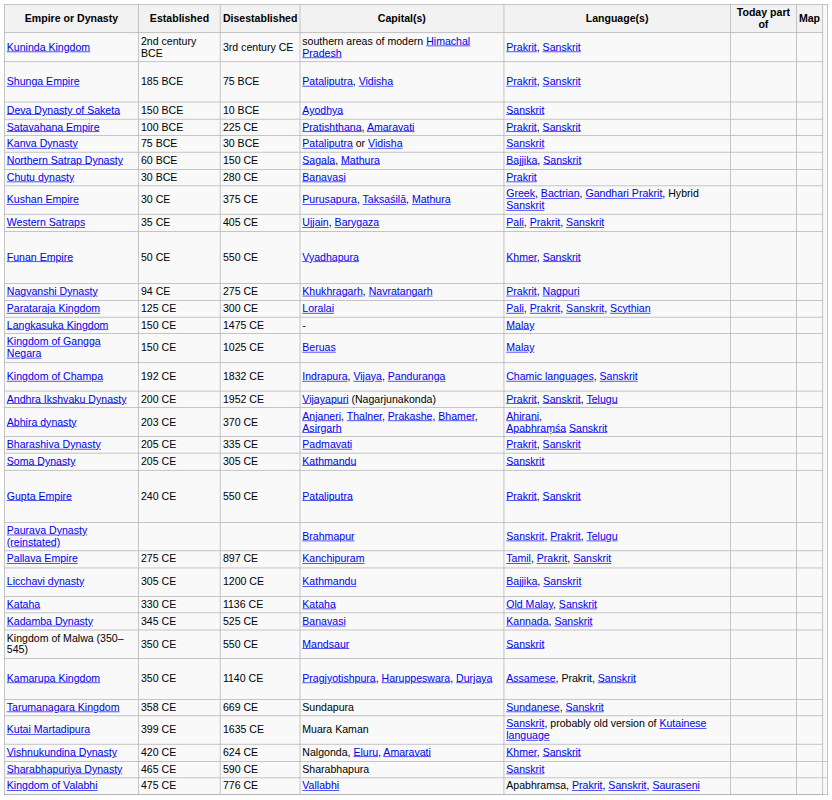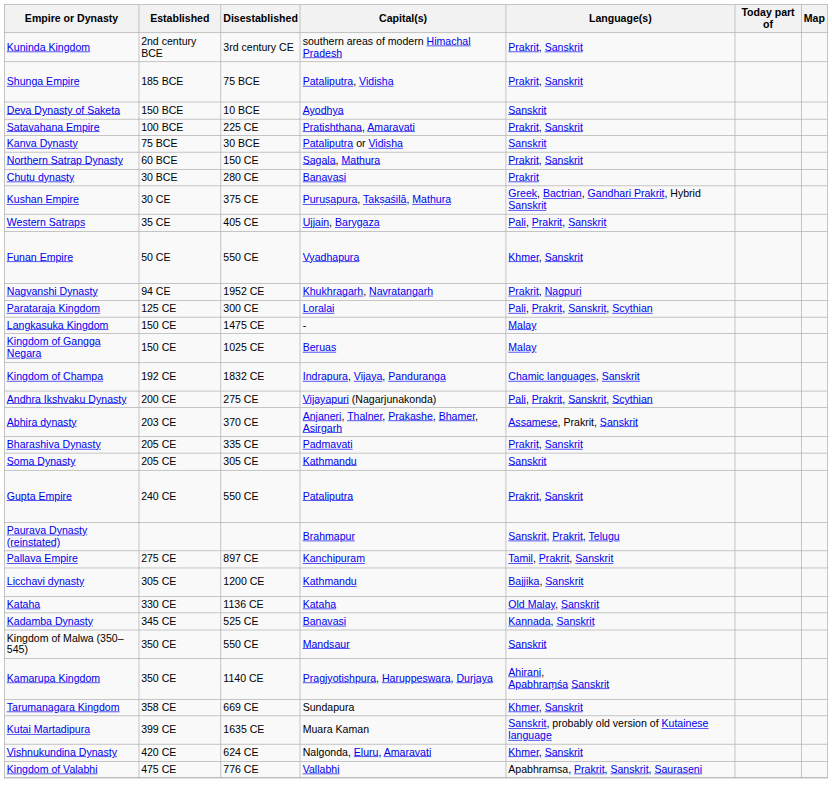 <table class="wikitable sortable static-row-numbers static-row-header-text">
 <tr>
 <th>Empire or Dynasty</th>
 <th>Established</th>
 <th>Disestablished</th>
 <th>Capital(s)</th>
 <th>Language(s)</th>
 <th>Today part of</th>
 <th>Map</th>
 </tr>
 <tr>
 <td><a href='#'>Kuninda Kingdom</a></td>
 <td>2nd century BCE</td>
 <td>3rd century CE</td>
 <td>southern areas of modern <a href='#'>Himachal Pradesh</a></td>
 <td><a href='#'>Prakrit</a>, <a href='#'>Sanskrit</a></td>
 <td></td>
 <td></td>
 </tr>
 <tr>
 <td><a href='#'>Shunga Empire</a></td>
 <td>185 BCE</td>
 <td>75 BCE</td>
 <td><a href='#'>Pataliputra</a>, <a href='#'>Vidisha</a></td>
 <td><a href='#'>Prakrit</a>, <a href='#'>Sanskrit</a></td>
 <td><br><br><br></td>
 <td></td>
 </tr>
 <tr>
 <td><a href='#'>Deva Dynasty of Saketa</a></td>
 <td>150 BCE</td>
 <td>10 BCE</td>
 <td><a href='#'>Ayodhya</a></td>
 <td><a href='#'>Sanskrit</a></td>
 <td></td>
 <td></td>
 </tr>
 <tr>
 <td><a href='#'>Satavahana Empire</a></td>
 <td>100 BCE</td>
 <td>225 CE</td>
 <td><a href='#'>Pratishthana</a>, <a href='#'>Amaravati</a></td>
 <td><a href='#'>Prakrit</a>, <a href='#'>Sanskrit</a></td>
 <td></td>
 <td></td>
 </tr>
 <tr>
 <td><a href='#'>Kanva Dynasty</a></td>
 <td>75 BCE</td>
 <td>30 BCE</td>
 <td><a href='#'>Pataliputra</a> or <a href='#'>Vidisha</a></td>
 <td><a href='#'>Sanskrit</a></td>
 <td></td>
 <td></td>
 </tr>
 <tr>
 <td><a href='#'>Northern Satrap Dynasty</a></td>
 <td>60 BCE</td>
 <td>150 CE</td>
 <td><a href='#'>Sagala</a>, <a href='#'>Mathura</a></td>
-<td><a href='#'>Bajjika</a>, <a href='#'>Sanskrit</a></td>
+<td><a href='#'>Prakrit</a>, <a href='#'>Sanskrit</a></td>
 <td><br></td>
 <td></td>
 </tr>
 <tr>
 <td><a href='#'>Chutu dynasty</a></td>
 <td>30 BCE</td>
 <td>280 CE</td>
 <td><a href='#'>Banavasi</a></td>
 <td><a href='#'>Prakrit</a></td>
 <td></td>
 <td></td>
 </tr>
 <tr>
 <td><a href='#'>Kushan Empire</a></td>
 <td>30 CE</td>
 <td>375 CE</td>
 <td><a href='#'>Puruṣapura</a>, <a href='#'>Takṣaśilā</a>, <a href='#'>Mathura</a></td>
 <td><a href='#'>Greek</a>, <a href='#'>Bactrian</a>, <a href='#'>Gandhari Prakrit</a>, Hybrid <a href='#'>Sanskrit</a></td>
 <td><br></td>
 <td></td>
 </tr>
 <tr>
 <td><a href='#'>Western Satraps</a></td>
 <td>35 CE</td>
 <td>405 CE</td>
 <td><a href='#'>Ujjain</a>, <a href='#'>Barygaza</a></td>
 <td><a href='#'>Pali</a>, <a href='#'>Prakrit</a>, <a href='#'>Sanskrit</a></td>
 <td><br></td>
 <td></td>
 </tr>
 <tr>
 <td><a href='#'>Funan Empire</a></td>
 <td>50 CE</td>
 <td>550 CE</td>
 <td><a href='#'>Vyadhapura</a></td>
 <td><a href='#'>Khmer</a>, <a href='#'>Sanskrit</a></td>
 <td><br><br><br><br></td>
 <td></td>
 </tr>
 <tr>
 <td><a href='#'>Nagvanshi Dynasty</a></td>
 <td>94 CE</td>
-<td>275 CE</td>
+<td>1952 CE</td>
 <td><a href='#'>Khukhragarh</a>, <a href='#'>Navratangarh</a></td>
 <td><a href='#'>Prakrit</a>, <a href='#'>Nagpuri</a></td>
 <td></td>
 <td></td>
 </tr>
 <tr>
 <td><a href='#'>Parataraja Kingdom</a></td>
 <td>125 CE</td>
 <td>300 CE</td>
 <td><a href='#'>Loralai</a></td>
 <td><a href='#'>Pali</a>, <a href='#'>Prakrit</a>, <a href='#'>Sanskrit</a>, <a href='#'>Scythian</a></td>
 <td><br></td>
 <td></td>
 </tr>
 <tr>
 <td><a href='#'>Langkasuka Kingdom</a></td>
 <td>150 CE</td>
 <td>1475 CE</td>
 <td>-</td>
 <td><a href='#'>Malay</a></td>
 <td><br></td>
 <td></td>
 </tr>
 <tr>
 <td><a href='#'>Kingdom of Gangga Negara</a></td>
 <td>150 CE</td>
 <td>1025 CE</td>
 <td><a href='#'>Beruas</a></td>
 <td><a href='#'>Malay</a></td>
 <td></td>
 <td></td>
 </tr>
 <tr>
 <td><a href='#'>Kingdom of Champa</a></td>
 <td>192 CE</td>
 <td>1832 CE</td>
 <td><a href='#'>Indrapura</a>, <a href='#'>Vijaya</a>, <a href='#'>Panduranga</a></td>
 <td><a href='#'>Chamic languages</a>, <a href='#'>Sanskrit</a></td>
 <td><br><br></td>
 <td></td>
 </tr>
 <tr>
 <td><a href='#'>Andhra Ikshvaku Dynasty</a></td>
 <td>200 CE</td>
-<td>1952 CE</td>
+<td>275 CE</td>
 <td><a href='#'>Vijayapuri</a> (Nagarjunakonda)</td>
-<td><a href='#'>Prakrit</a>, <a href='#'>Sanskrit</a>, <a href='#'>Telugu</a></td>
+<td><a href='#'>Pali</a>, <a href='#'>Prakrit</a>, <a href='#'>Sanskrit</a>, <a href='#'>Scythian</a></td>
 <td></td>
 <td></td>
 </tr>
 <tr>
 <td><a href='#'>Abhira dynasty</a></td>
 <td>203 CE</td>
 <td>370 CE</td>
 <td><a href='#'>Anjaneri</a>, <a href='#'>Thalner</a>, <a href='#'>Prakashe</a>, <a href='#'>Bhamer</a>, <a href='#'>Asirgarh</a></td>
-<td><a href='#'>Ahirani</a>,<br><a href='#'>Apabhraṃśa</a> <a href='#'>Sanskrit</a></td>
+<td><a href='#'>Assamese</a>, Prakrit, <a href='#'>Sanskrit</a></td>
 <td></td>
 <td></td>
 </tr>
 <tr>
 <td><a href='#'>Bharashiva Dynasty</a></td>
 <td>205 CE</td>
 <td>335 CE</td>
 <td><a href='#'>Padmavati</a></td>
 <td><a href='#'>Prakrit</a>, <a href='#'>Sanskrit</a></td>
 <td></td>
 <td></td>
 </tr>
 <tr>
 <td><a href='#'>Soma Dynasty</a></td>
 <td>205 CE</td>
 <td>305 CE</td>
 <td><a href='#'>Kathmandu</a></td>
 <td><a href='#'>Sanskrit</a></td>
 <td></td>
 <td></td>
 </tr>
 <tr>
 <td><a href='#'>Gupta Empire</a></td>
 <td>240 CE</td>
 <td>550 CE</td>
 <td><a href='#'>Pataliputra</a></td>
 <td><a href='#'>Prakrit</a>, <a href='#'>Sanskrit</a></td>
 <td><br><br><br><br></td>
 <td></td>
 </tr>
 <tr>
 <td><a href='#'>Paurava Dynasty (reinstated)</a></td>
 <td></td>
 <td></td>
 <td><a href='#'>Brahmapur</a></td>
 <td><a href='#'>Sanskrit</a>, <a href='#'>Prakrit</a>, <a href='#'>Telugu</a></td>
 <td></td>
 <td></td>
 </tr>
 <tr>
 <td><a href='#'>Pallava Empire</a></td>
 <td>275 CE</td>
 <td>897 CE</td>
 <td><a href='#'>Kanchipuram</a></td>
 <td><a href='#'>Tamil</a>, <a href='#'>Prakrit</a>, <a href='#'>Sanskrit</a></td>
 <td></td>
 <td></td>
 </tr>
 <tr>
 <td><a href='#'>Licchavi dynasty</a></td>
 <td>305 CE</td>
 <td>1200 CE</td>
 <td><a href='#'>Kathmandu</a></td>
 <td><a href='#'>Bajjika</a>, <a href='#'>Sanskrit</a></td>
 <td><br><br></td>
 <td></td>
 </tr>
 <tr>
 <td><a href='#'>Kataha</a></td>
 <td>330 CE</td>
 <td>1136 CE</td>
 <td><a href='#'>Kataha</a></td>
 <td><a href='#'>Old Malay</a>, <a href='#'>Sanskrit</a></td>
 <td></td>
 <td></td>
 </tr>
 <tr>
 <td><a href='#'>Kadamba Dynasty</a></td>
 <td>345 CE</td>
 <td>525 CE</td>
 <td><a href='#'>Banavasi</a></td>
 <td><a href='#'>Kannada</a>, <a href='#'>Sanskrit</a></td>
 <td></td>
 <td></td>
 </tr>
 <tr>
 <td>Kingdom of Malwa (350–545)</td>
 <td>350 CE</td>
 <td>550 CE</td>
 <td><a href='#'>Mandsaur</a></td>
 <td><a href='#'>Sanskrit</a></td>
 <td></td>
 <td></td>
 </tr>
 <tr>
 <td><a href='#'>Kamarupa Kingdom</a></td>
 <td>350 CE</td>
 <td>1140 CE</td>
 <td><a href='#'>Pragjyotishpura</a>, <a href='#'>Haruppeswara</a>, <a href='#'>Durjaya</a></td>
-<td><a href='#'>Assamese</a>, Prakrit, <a href='#'>Sanskrit</a></td>
+<td><a href='#'>Ahirani</a>,<br><a href='#'>Apabhraṃśa</a> <a href='#'>Sanskrit</a></td>
 <td><br><br><br></td>
 <td></td>
 </tr>
 <tr>
 <td><a href='#'>Tarumanagara Kingdom</a></td>
 <td>358 CE</td>
 <td>669 CE</td>
 <td>Sundapura</td>
-<td><a href='#'>Sundanese</a>, <a href='#'>Sanskrit</a></td>
+<td><a href='#'>Khmer</a>, <a href='#'>Sanskrit</a></td>
 <td></td>
 <td></td>
 </tr>
 <tr>
 <td><a href='#'>Kutai Martadipura</a></td>
 <td>399 CE</td>
 <td>1635 CE</td>
 <td>Muara Kaman</td>
 <td><a href='#'>Sanskrit</a>, probably old version of <a href='#'>Kutainese language</a></td>
 <td></td>
 <td></td>
 </tr>
 <tr>
 <td><a href='#'>Vishnukundina Dynasty</a></td>
 <td>420 CE</td>
 <td>624 CE</td>
 <td>Nalgonda, <a href='#'>Eluru</a>, <a href='#'>Amaravati</a></td>
 <td><a href='#'>Khmer</a>, <a href='#'>Sanskrit</a></td>
 <td></td>
 <td></td>
 </tr>
 <tr>
-<td><a href='#'>Sharabhapuriya Dynasty</a></td>
-<td>465 CE</td>
-<td>590 CE</td>
-<td>Sharabhapura</td>
-<td><a href='#'>Sanskrit</a></td>
-<td></td>
-<td></td>
-<td></td>
-</tr>
-<tr>
 <td><a href='#'>Kingdom of Valabhi</a></td>
 <td>475 CE</td>
 <td>776 CE</td>
 <td><a href='#'>Vallabhi</a></td>
 <td>Apabhramsa, <a href='#'>Prakrit</a>, <a href='#'>Sanskrit</a>, <a href='#'>Sauraseni</a></td>
 <td></td>
 <td></td>
 </tr>
 <tr>
 </tr>
 </table>
